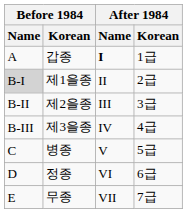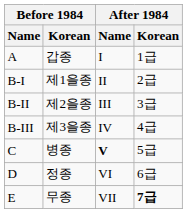 <table class="wikitable">
 <tr>
 <th colspan="2">Before 1984</th>
 <th colspan="2">After 1984</th>
 </tr>
 <tr>
 <th>Name</th>
 <th>Korean</th>
 <th>Name</th>
 <th>Korean</th>
 </tr>
 <tr>
 <td>A</td>
 <td>갑종</td>
-<td><strong>I</strong></td>
+<td>I</td>
 <td>1급</td>
 </tr>
 <tr>
-<td style="background: lightgrey;">B-I</td>
+<td>B-I</td>
 <td>제1을종</td>
 <td>II</td>
 <td>2급</td>
 </tr>
 <tr>
 <td>B-II</td>
 <td>제2을종</td>
 <td>III</td>
 <td>3급</td>
 </tr>
 <tr>
 <td>B-III</td>
 <td>제3을종</td>
 <td>IV</td>
 <td>4급</td>
 </tr>
 <tr>
 <td>C</td>
 <td>병종</td>
-<td>V</td>
+<td><strong>V</strong></td>
 <td>5급</td>
 </tr>
 <tr>
 <td>D</td>
 <td>정종</td>
 <td>VI</td>
 <td>6급</td>
 </tr>
 <tr>
 <td>E</td>
 <td>무종</td>
 <td>VII</td>
-<td>7급</td>
+<td><strong>7급</strong></td>
 </tr>
 </table>
